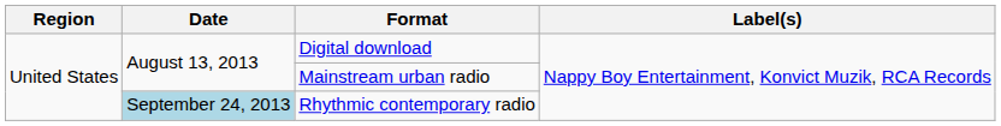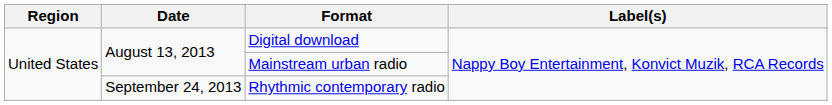 <table class="wikitable">
 <tr>
 <th>Region</th>
 <th>Date</th>
 <th>Format</th>
 <th>Label(s)</th>
 </tr>
 <tr>
 <td rowspan="3">United States</td>
 <td rowspan="2">August 13, 2013</td>
 <td><a href='#'>Digital download</a></td>
 <td rowspan="3"><a href='#'>Nappy Boy Entertainment</a>, <a href='#'>Konvict Muzik</a>, <a href='#'>RCA Records</a></td>
 </tr>
 <tr>
 <td><a href='#'>Mainstream urban</a> radio</td>
 </tr>
 <tr>
-<td style="background: lightblue;">September 24, 2013</td>
+<td>September 24, 2013</td>
 <td><a href='#'>Rhythmic contemporary</a> radio</td>
 </tr>
 </table>
